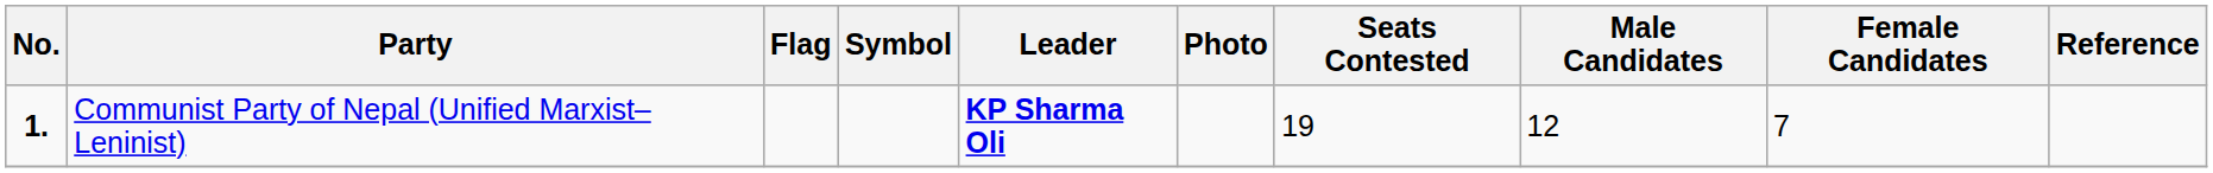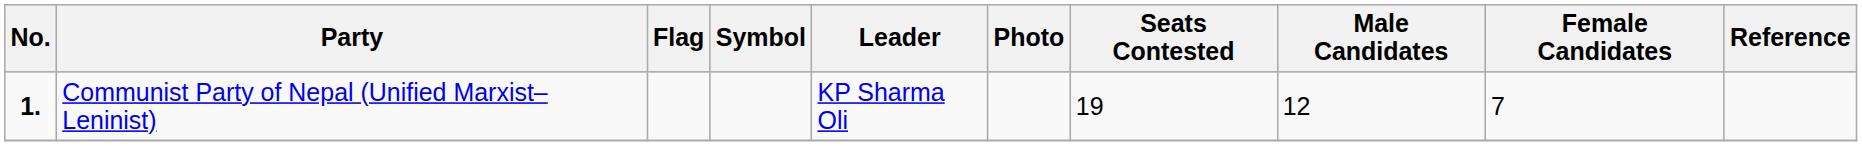 <table class="wikitable" width="75%">
 <tr>
 <th>No.</th>
 <th "style=max-width:60em">Party</th>
 <th>Flag</th>
 <th>Symbol</th>
 <th>Leader</th>
 <th>Photo</th>
 <th>Seats Contested</th>
 <th>Male Candidates</th>
 <th>Female Candidates</th>
 <th>Reference</th>
 </tr>
 <tr>
 <td style="text-align:center; background:"><strong>1.</strong></td>
 <td><a href='#'>Communist Party of Nepal (Unified Marxist–Leninist)</a></td>
 <td></td>
 <td></td>
-<td><strong><a href='#'>KP Sharma Oli</a></strong></td>
+<td><a href='#'>KP Sharma Oli</a></td>
 <td></td>
 <td>19</td>
 <td>12</td>
 <td>7</td>
 <td></td>
 </tr>
 <tr>
 </tr>
 </table>
